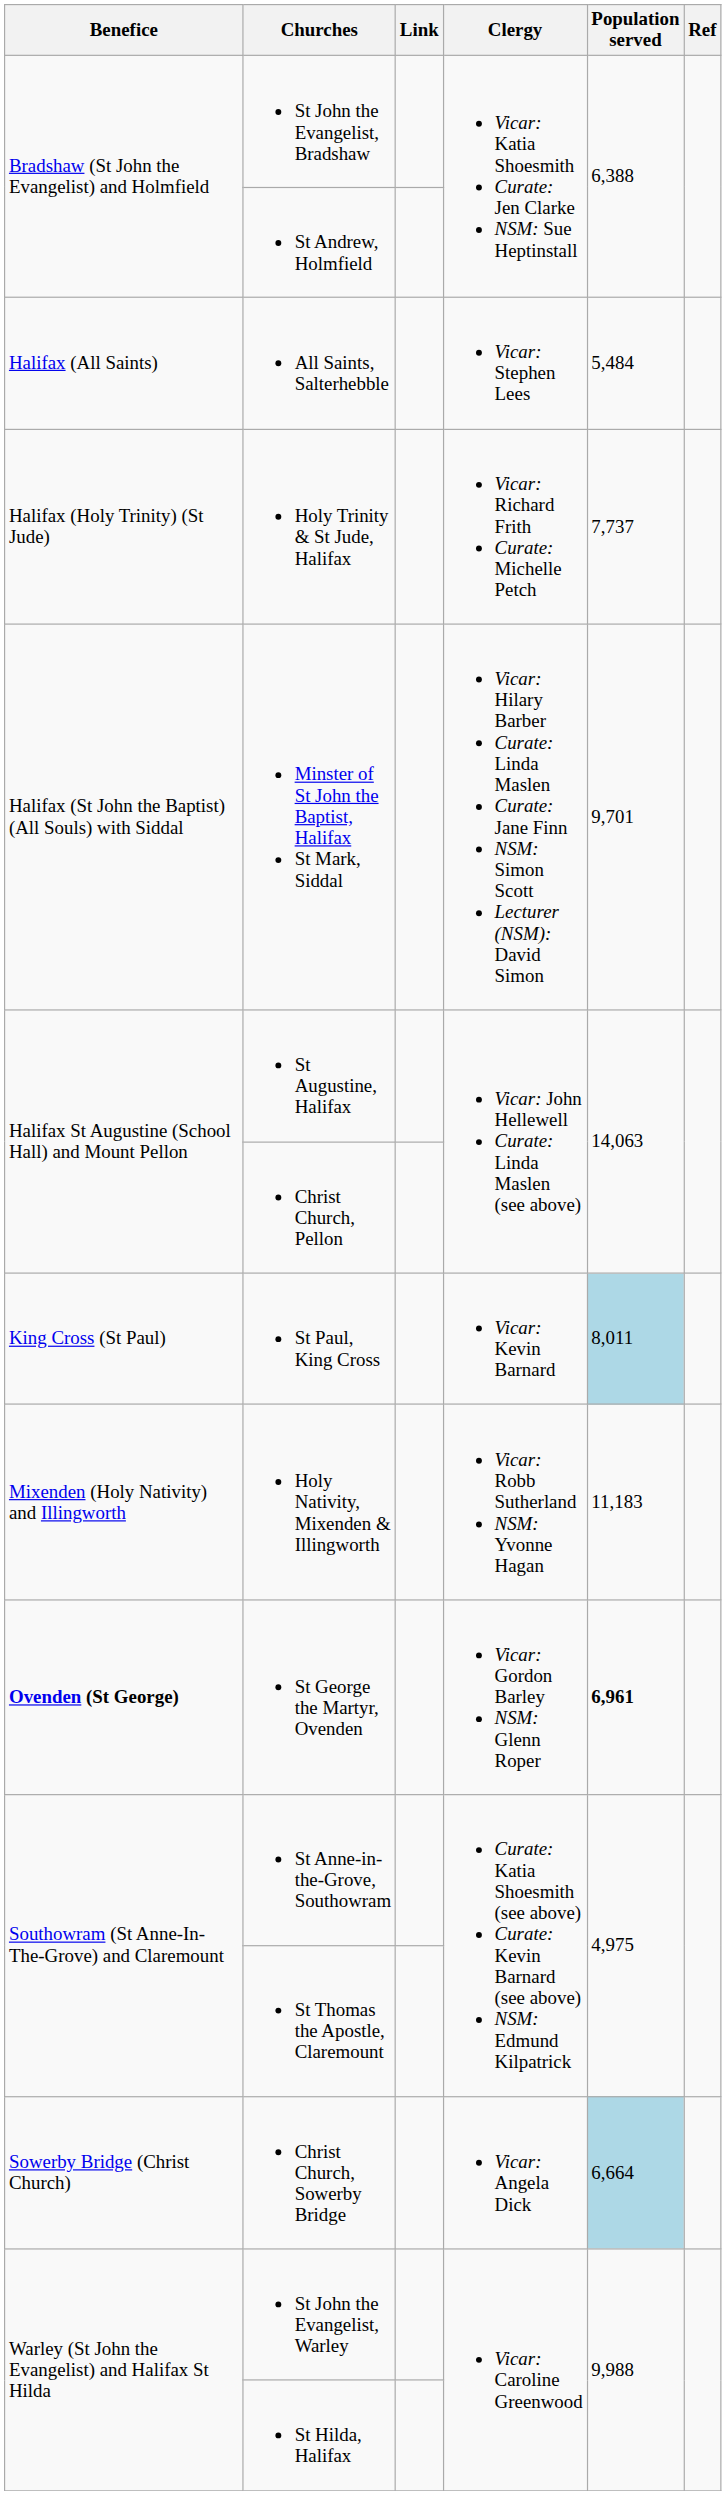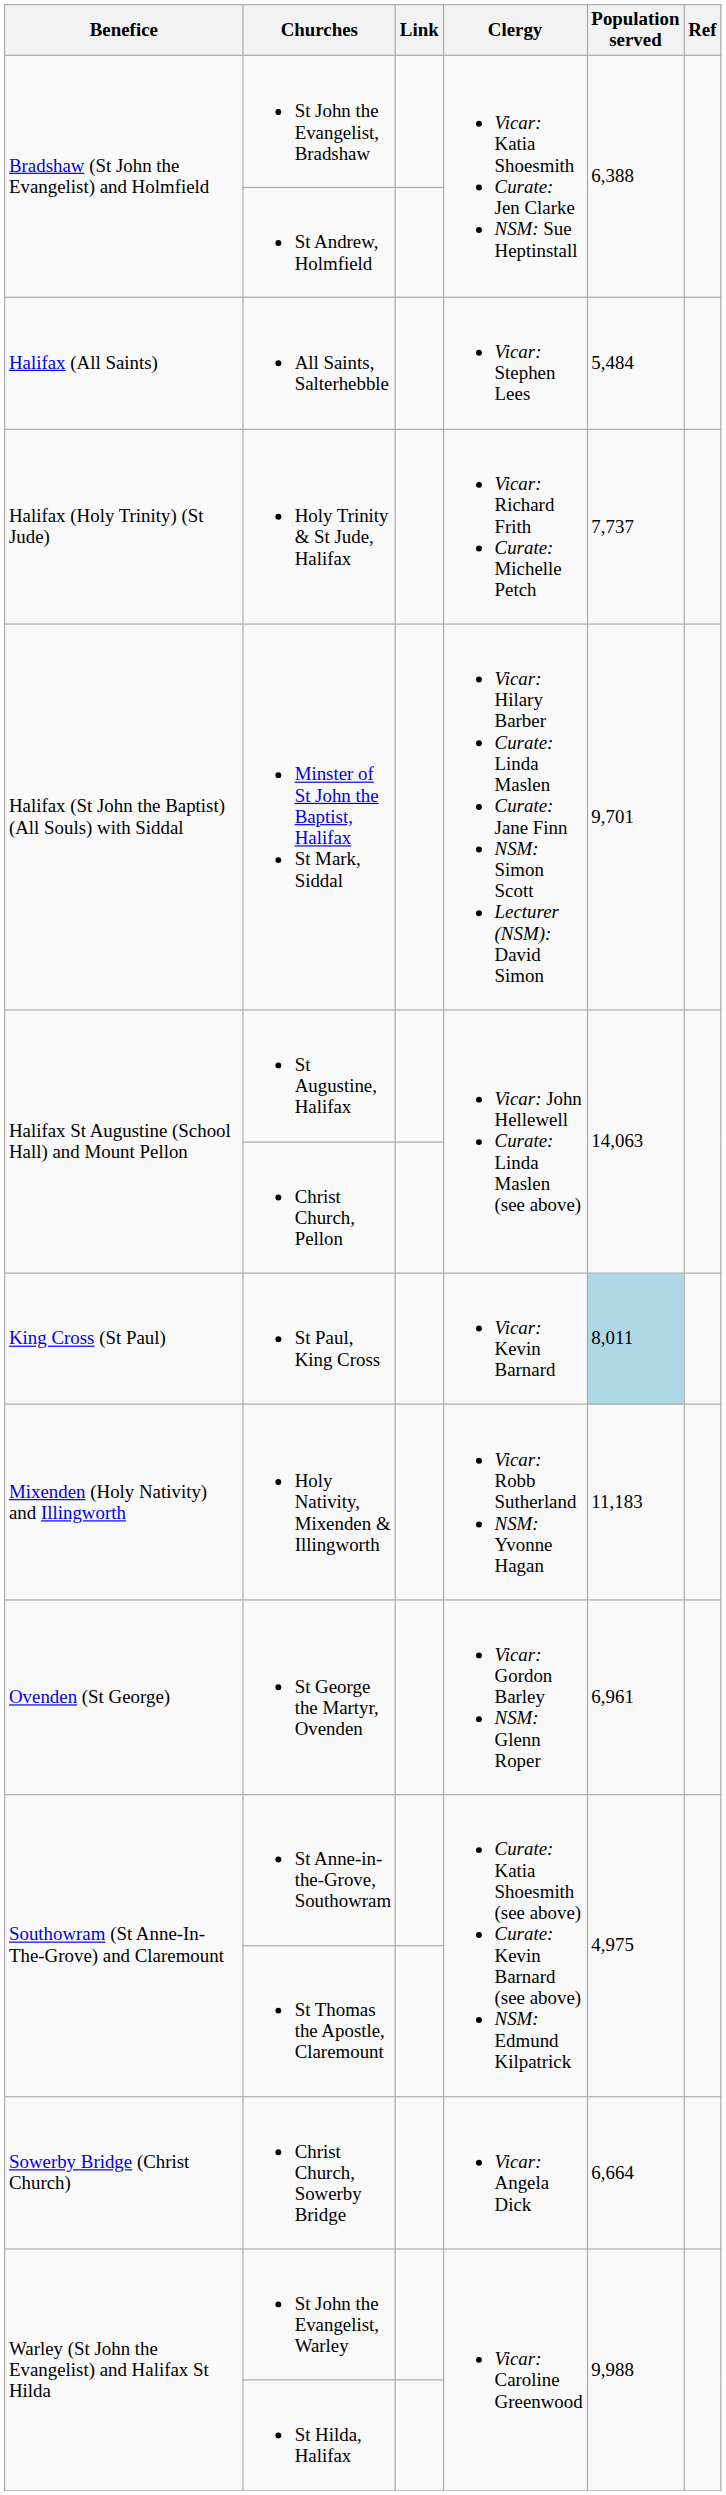 <table class="wikitable">
 <tr>
 <th style="width:425px;">Benefice</th>
 <th>Churches</th>
 <th>Link</th>
 <th>Clergy</th>
 <th>Population served</th>
 <th>Ref</th>
 </tr>
 <tr>
 <td rowspan="2"><a href='#'>Bradshaw</a> (St John the Evangelist) and Holmfield</td>
 <td><br><ul><li>St John the Evangelist, Bradshaw</li></ul></td>
 <td></td>
 <td rowspan="2"><br><ul><li><em>Vicar:</em> Katia Shoesmith</li><li><em>Curate:</em> Jen Clarke</li><li><em>NSM:</em> Sue Heptinstall</li></ul></td>
 <td rowspan="2">6,388</td>
 <td rowspan="2"></td>
 </tr>
 <tr>
 <td><br><ul><li>St Andrew, Holmfield</li></ul></td>
 <td></td>
 </tr>
 <tr>
 <td><a href='#'>Halifax</a> (All Saints)</td>
 <td><br><ul><li>All Saints, Salterhebble</li></ul></td>
 <td></td>
 <td><br><ul><li><em>Vicar:</em> Stephen Lees</li></ul></td>
 <td>5,484</td>
 <td></td>
 </tr>
 <tr>
 <td>Halifax (Holy Trinity) (St Jude)</td>
 <td><br><ul><li>Holy Trinity & St Jude, Halifax</li></ul></td>
 <td></td>
 <td><br><ul><li><em>Vicar:</em> Richard Frith</li><li><em>Curate:</em> Michelle Petch</li></ul></td>
 <td>7,737</td>
 <td></td>
 </tr>
 <tr>
 <td>Halifax (St John the Baptist) (All Souls) with Siddal</td>
 <td><br><ul><li><a href='#'>Minster of St John the Baptist, Halifax</a></li><li>St Mark, Siddal</li></ul></td>
 <td></td>
 <td><br><ul><li><em>Vicar:</em> Hilary Barber</li><li><em>Curate:</em> Linda Maslen</li><li><em>Curate:</em> Jane Finn</li><li><em>NSM:</em> Simon Scott</li><li><em>Lecturer (NSM):</em> David Simon</li></ul></td>
 <td>9,701</td>
 <td></td>
 </tr>
 <tr>
 <td rowspan="2">Halifax St Augustine (School Hall) and Mount Pellon</td>
 <td><br><ul><li>St Augustine, Halifax</li></ul></td>
 <td></td>
 <td rowspan="2"><br><ul><li><em>Vicar:</em> John Hellewell</li><li><em>Curate:</em> Linda Maslen (see above)</li></ul></td>
 <td rowspan="2">14,063</td>
 <td rowspan="2"></td>
 </tr>
 <tr>
 <td><br><ul><li>Christ Church, Pellon</li></ul></td>
 <td></td>
 </tr>
 <tr>
 <td><a href='#'>King Cross</a> (St Paul)</td>
 <td><br><ul><li>St Paul, King Cross</li></ul></td>
 <td></td>
 <td><br><ul><li><em>Vicar:</em> Kevin Barnard</li></ul></td>
 <td style="background: lightblue;">8,011</td>
 <td></td>
 </tr>
 <tr>
 <td><a href='#'>Mixenden</a> (Holy Nativity) and <a href='#'>Illingworth</a></td>
 <td><br><ul><li>Holy Nativity, Mixenden & Illingworth</li></ul></td>
 <td></td>
 <td><br><ul><li><em>Vicar:</em> Robb Sutherland</li><li><em>NSM:</em> Yvonne Hagan</li></ul></td>
 <td>11,183</td>
 <td></td>
 </tr>
 <tr>
-<td><strong><a href='#'>Ovenden</a> (St George)</strong></td>
+<td><a href='#'>Ovenden</a> (St George)</td>
 <td><br><ul><li>St George the Martyr, Ovenden</li></ul></td>
 <td></td>
 <td><br><ul><li><em>Vicar:</em> Gordon Barley</li><li><em>NSM:</em> Glenn Roper</li></ul></td>
-<td><strong>6,961</strong></td>
+<td>6,961</td>
 <td></td>
 </tr>
 <tr>
 <td rowspan="2"><a href='#'>Southowram</a> (St Anne-In-The-Grove) and Claremount</td>
 <td><br><ul><li>St Anne-in-the-Grove, Southowram</li></ul></td>
 <td></td>
 <td rowspan="2"><br><ul><li><em>Curate:</em> Katia Shoesmith (see above)</li><li><em>Curate:</em> Kevin Barnard (see above)</li><li><em>NSM:</em> Edmund Kilpatrick</li></ul></td>
 <td rowspan="2">4,975</td>
 <td rowspan="2"></td>
 </tr>
 <tr>
 <td><br><ul><li>St Thomas the Apostle, Claremount</li></ul></td>
 <td></td>
 </tr>
 <tr>
 <td><a href='#'>Sowerby Bridge</a> (Christ Church)</td>
 <td><br><ul><li>Christ Church, Sowerby Bridge</li></ul></td>
 <td></td>
 <td><br><ul><li><em>Vicar:</em> Angela Dick</li></ul></td>
-<td style="background: lightblue;">6,664</td>
+<td>6,664</td>
 <td></td>
 </tr>
 <tr>
 <td rowspan="2">Warley (St John the Evangelist) and Halifax St Hilda</td>
 <td><br><ul><li>St John the Evangelist, Warley</li></ul></td>
 <td></td>
 <td rowspan="2"><br><ul><li><em>Vicar:</em> Caroline Greenwood</li></ul></td>
 <td rowspan="2">9,988</td>
 <td rowspan="2"></td>
 </tr>
 <tr>
 <td><br><ul><li>St Hilda, Halifax</li></ul></td>
 <td></td>
 </tr>
 </table>
